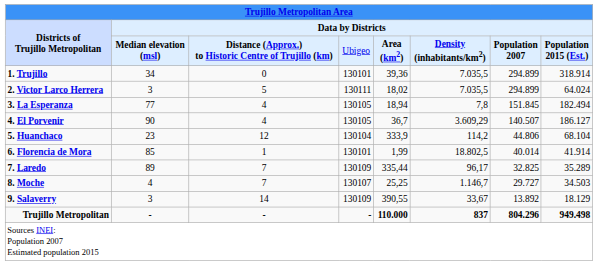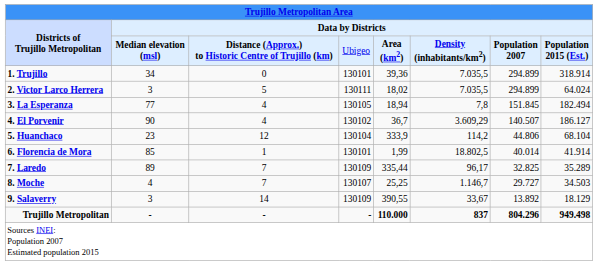 <table class="wikitable" style="margin:1em auto; font-size:95%;width:75%;border:0px;text-align:center;line-height:120%;text-color:white">
 <tr>
 <td colspan="8" bgcolor="#3A92F7"><strong><a href='#'>Trujillo Metropolitan Area</a></strong></td>
 </tr>
 <tr>
 <td rowspan="2" bgcolor="#CCDDFF"><strong>Districts of<br>Trujillo Metropolitan</strong></td>
 <td colspan="7" align="center" bgcolor="#DDEEFF"><strong>Data by Districts</strong></td>
 </tr>
 <tr style="background:#DDEEFF;">
 <td><strong>Median elevation <br>(<a href='#'>msl</a>)</strong></td>
 <td><strong>Distance (<a href='#'>Approx.</a>)<br>to <a href='#'>Historic Centre of Trujillo</a> (<a href='#'>km</a>)</strong></td>
 <td><a href='#'>Ubigeo</a></td>
 <td><strong>Area<br>(<a href='#'>km<sup>2</sup></a>)</strong></td>
 <td><strong><a href='#'>Density</a><br>(inhabitants/km<sup>2</sup>)</strong></td>
 <td><strong>Population<br>2007</strong></td>
 <td><strong>Population<br>2015 (<a href='#'>Est.</a>)</strong></td>
 </tr>
 <tr>
 <td align=left><strong>1. <a href='#'>Trujillo</a></strong></td>
 <td>34</td>
 <td>0</td>
 <td align=right>130101</td>
 <td align=right>39,36</td>
 <td align=right>7.035,5</td>
 <td align=right>294.899</td>
 <td align=right>318.914</td>
 </tr>
 <tr>
 <td align=left><strong>2. <a href='#'>Victor Larco Herrera</a></strong></td>
 <td>3</td>
 <td>5</td>
 <td align=right>130111</td>
 <td align=right>18,02</td>
 <td align=right>7.035,5</td>
 <td align=right>294.899</td>
 <td align=right>64.024</td>
 </tr>
 <tr>
 <td align=left><strong>3. <a href='#'>La Esperanza</a></strong></td>
 <td>77</td>
 <td>4</td>
 <td align=right>130105</td>
 <td align=right>18,94</td>
 <td align=right>7,8</td>
 <td align=right>151.845</td>
 <td align=right>182.494</td>
 </tr>
 <tr>
 <td align=left><strong>4. <a href='#'>El Porvenir</a></strong></td>
 <td>90</td>
 <td>4</td>
-<td align=right>130105</td>
+<td align=right>130102</td>
 <td align=right>36,7</td>
 <td align=right>3.609,29</td>
 <td align=right>140.507</td>
 <td align=right>186.127</td>
 </tr>
 <tr>
 <td align=left><strong>5. <a href='#'>Huanchaco</a></strong></td>
 <td>23</td>
 <td>12</td>
 <td align=right>130104</td>
 <td align=right>333,9</td>
 <td align=right>114,2</td>
 <td align=right>44.806</td>
 <td align=right>68.104</td>
 </tr>
 <tr>
 <td align=left><strong>6. <a href='#'>Florencia de Mora</a> </strong></td>
 <td>85</td>
 <td>1</td>
 <td align=right>130101</td>
 <td align=right>1,99</td>
 <td align=right>18.802,5</td>
 <td align=right>40.014</td>
 <td align=right>41.914</td>
 </tr>
 <tr>
 <td align=left><strong>7. <a href='#'>Laredo</a></strong></td>
 <td>89</td>
 <td>7</td>
 <td align=right>130109</td>
 <td align=right>335,44</td>
 <td align=right>96,17</td>
 <td align=right>32.825</td>
 <td align=right>35.289</td>
 </tr>
 <tr>
 <td align=left><strong>8. <a href='#'>Moche</a></strong></td>
 <td>4</td>
 <td>7</td>
 <td align=right>130107</td>
 <td align=right>25,25</td>
 <td align=right>1.146,7</td>
 <td align=right>29.727</td>
 <td align=right>34.503</td>
 </tr>
 <tr>
 <td align=left><strong>9. <a href='#'>Salaverry</a></strong></td>
 <td>3</td>
 <td>14</td>
 <td align=right>130109</td>
 <td align=right>390,55</td>
 <td align=right>33,67</td>
 <td align=right>13.892</td>
 <td align=right>18.129</td>
 </tr>
 <tr>
 <td align=right><strong>Trujillo Metropolitan</strong></td>
 <td><strong>-</strong></td>
 <td><strong>-</strong></td>
 <td align=right><strong>-</strong></td>
 <td align=right><strong>110.000</strong></td>
 <td align=right><strong>837</strong></td>
 <td align=right><strong>804.296</strong></td>
 <td align=right><strong>949.498</strong></td>
 </tr>
 <tr>
 <td colspan="8" style="text-align:left;font-size:90%;" bgcolor="#FFFFFF ">Sources <a href='#'>INEI</a>:<br>Population 2007<br>Estimated population 2015</td>
 </tr>
 <tr>
 </tr>
 </table>
